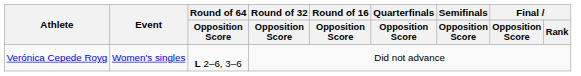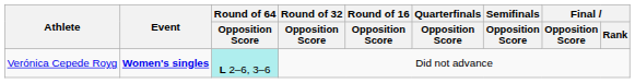 <table class=wikitable style="font-size:90%">
 <tr>
 <th rowspan="2">Athlete</th>
 <th rowspan="2">Event</th>
 <th>Round of 64</th>
 <th>Round of 32</th>
 <th>Round of 16</th>
 <th>Quarterfinals</th>
 <th>Semifinals</th>
 <th colspan=2>Final / </th>
 </tr>
 <tr style="font-size:95%">
 <th>Opposition<br>Score</th>
 <th>Opposition<br>Score</th>
 <th>Opposition<br>Score</th>
 <th>Opposition<br>Score</th>
 <th>Opposition<br>Score</th>
 <th>Opposition<br>Score</th>
 <th>Rank</th>
 </tr>
 <tr align=center>
 <td align=left><a href='#'>Verónica Cepede Royg</a></td>
-<td align=left><a href='#'>Women's singles</a></td>
-<td><br><strong>L</strong> 2–6, 3–6</td>
+<td align=left><strong><a href='#'>Women's singles</a></strong></td>
+<td style="background: paleturquoise;"><br><strong>L</strong> 2–6, 3–6</td>
 <td colspan=6>Did not advance</td>
 </tr>
 </table>
